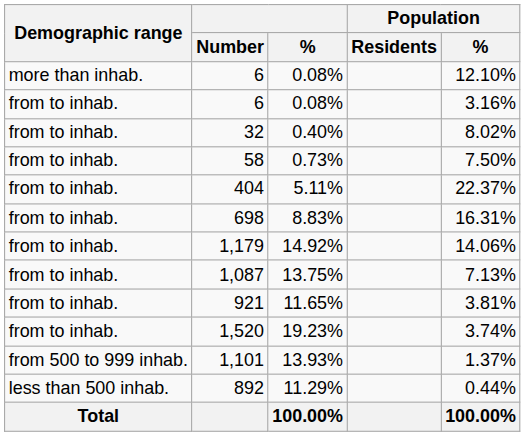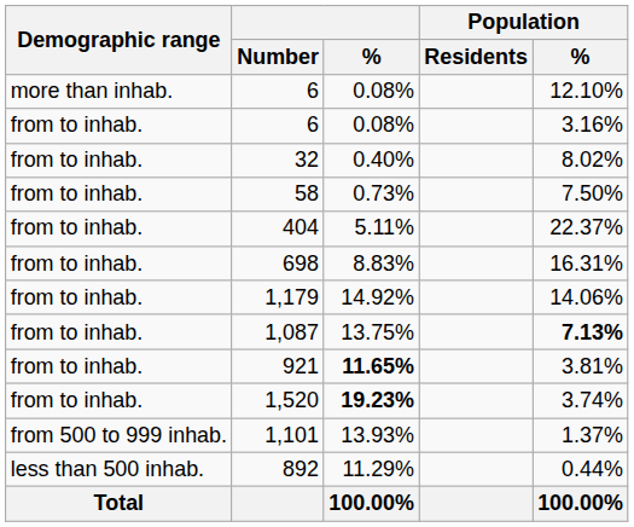 <table class="wikitable" style="text-align:right;">
 <tr>
 <th rowspan="2">Demographic range</th>
 <th colspan="2"></th>
 <th colspan="2">Population</th>
 </tr>
 <tr>
 <th>Number</th>
 <th>%</th>
 <th>Residents</th>
 <th>%</th>
 </tr>
 <tr>
 <td style="text-align:left;">more than  inhab.</td>
 <td>6</td>
 <td>0.08%</td>
 <td></td>
 <td>12.10%</td>
 </tr>
 <tr>
 <td style="text-align:left;">from  to  inhab.</td>
 <td>6</td>
 <td>0.08%</td>
 <td></td>
 <td>3.16%</td>
 </tr>
 <tr>
 <td style="text-align:left;">from  to  inhab.</td>
 <td>32</td>
 <td>0.40%</td>
 <td></td>
 <td>8.02%</td>
 </tr>
 <tr>
 <td style="text-align:left;">from  to  inhab.</td>
 <td>58</td>
 <td>0.73%</td>
 <td></td>
 <td>7.50%</td>
 </tr>
 <tr>
 <td style="text-align:left;">from  to  inhab.</td>
 <td>404</td>
 <td>5.11%</td>
 <td></td>
 <td>22.37%</td>
 </tr>
 <tr>
 <td style="text-align:left;">from  to  inhab.</td>
 <td>698</td>
 <td>8.83%</td>
 <td></td>
 <td>16.31%</td>
 </tr>
 <tr>
 <td style="text-align:left;">from  to  inhab.</td>
 <td>1,179</td>
 <td>14.92%</td>
 <td></td>
 <td>14.06%</td>
 </tr>
 <tr>
 <td style="text-align:left;">from  to  inhab.</td>
 <td>1,087</td>
 <td>13.75%</td>
 <td></td>
-<td>7.13%</td>
+<td><strong>7.13%</strong></td>
 </tr>
 <tr>
 <td style="text-align:left;">from  to  inhab.</td>
 <td>921</td>
-<td>11.65%</td>
+<td><strong>11.65%</strong></td>
 <td></td>
 <td>3.81%</td>
 </tr>
 <tr>
 <td style="text-align:left;">from  to  inhab.</td>
 <td>1,520</td>
-<td>19.23%</td>
+<td><strong>19.23%</strong></td>
 <td></td>
 <td>3.74%</td>
 </tr>
 <tr>
 <td style="text-align:left;">from 500 to 999 inhab.</td>
 <td>1,101</td>
 <td>13.93%</td>
 <td></td>
 <td>1.37%</td>
 </tr>
 <tr>
 <td style="text-align:left;">less than 500 inhab.</td>
 <td>892</td>
 <td>11.29%</td>
 <td></td>
 <td>0.44%</td>
 </tr>
 <tr>
 <th>Total</th>
 <th></th>
 <th>100.00%</th>
 <th></th>
 <th>100.00%</th>
 </tr>
 </table>
